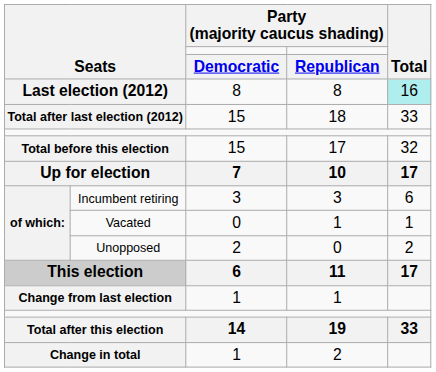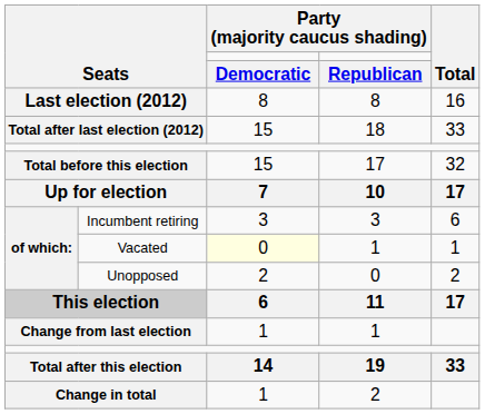 <table class=wikitable style="text-align:center">
 <tr style="vertical-align:bottom;">
 <th rowspan=3 colspan=2>Seats</th>
 <th colspan=2>Party <div>(majority caucus shading)</div></th>
 <th rowspan=3>Total</th>
 </tr>
 <tr style="height:5px">
 <td style="background-color:"></td>
 <td style="background-color:"></td>
 </tr>
 <tr>
 <th><a href='#'>Democratic</a></th>
 <th><a href='#'>Republican</a></th>
 </tr>
 <tr>
 <th nowrap colspan=2>Last election (2012)</th>
 <td>8</td>
 <td>8</td>
-<td style="background: paleturquoise;">16</td>
+<td>16</td>
 </tr>
 <tr>
 <th nowrap style="font-size:80%" colspan=2>Total after last election (2012)</th>
 <td>15</td>
 <td>18</td>
 <td>33</td>
 </tr>
 <tr>
 <td colspan=5></td>
 </tr>
 <tr>
 <th nowrap style="font-size:80%" colspan=2>Total before this election</th>
 <td>15</td>
 <td>17</td>
 <td>32</td>
 </tr>
 <tr>
 <th colspan=2>Up for election</th>
 <th>7</th>
 <th>10</th>
 <th>17</th>
 </tr>
 <tr>
 <th style="font-size:80%" rowspan=3>of which:</th>
 <td nowrap style="font-size:80%">Incumbent retiring</td>
 <td>3</td>
 <td>3</td>
 <td>6</td>
 </tr>
 <tr>
 <td nowrap style="font-size:80%">Vacated</td>
-<td>0</td>
+<td style="background: lightyellow;">0</td>
 <td>1</td>
 <td>1</td>
 </tr>
 <tr>
 <td nowrap style="font-size:80%">Unopposed</td>
 <td>2</td>
 <td>0</td>
 <td>2</td>
 </tr>
 <tr>
 <th nowrap style="background:#ccc" colspan=2>This election</th>
 <th>6</th>
 <th>11</th>
 <th>17</th>
 </tr>
 <tr>
 <th nowrap style="font-size:80%"  colspan=2>Change from last election</th>
 <td> 1</td>
 <td> 1</td>
 <td></td>
 </tr>
 <tr>
 <td colspan=5></td>
 </tr>
 <tr>
 <th nowrap style="font-size:80%" colspan=2>Total after this election</th>
 <th>14</th>
 <th>19</th>
 <th>33</th>
 </tr>
 <tr>
 <th nowrap style="font-size:80%"  colspan=2>Change in total</th>
 <td> 1</td>
 <td> 2</td>
 <td></td>
 </tr>
 </table>
